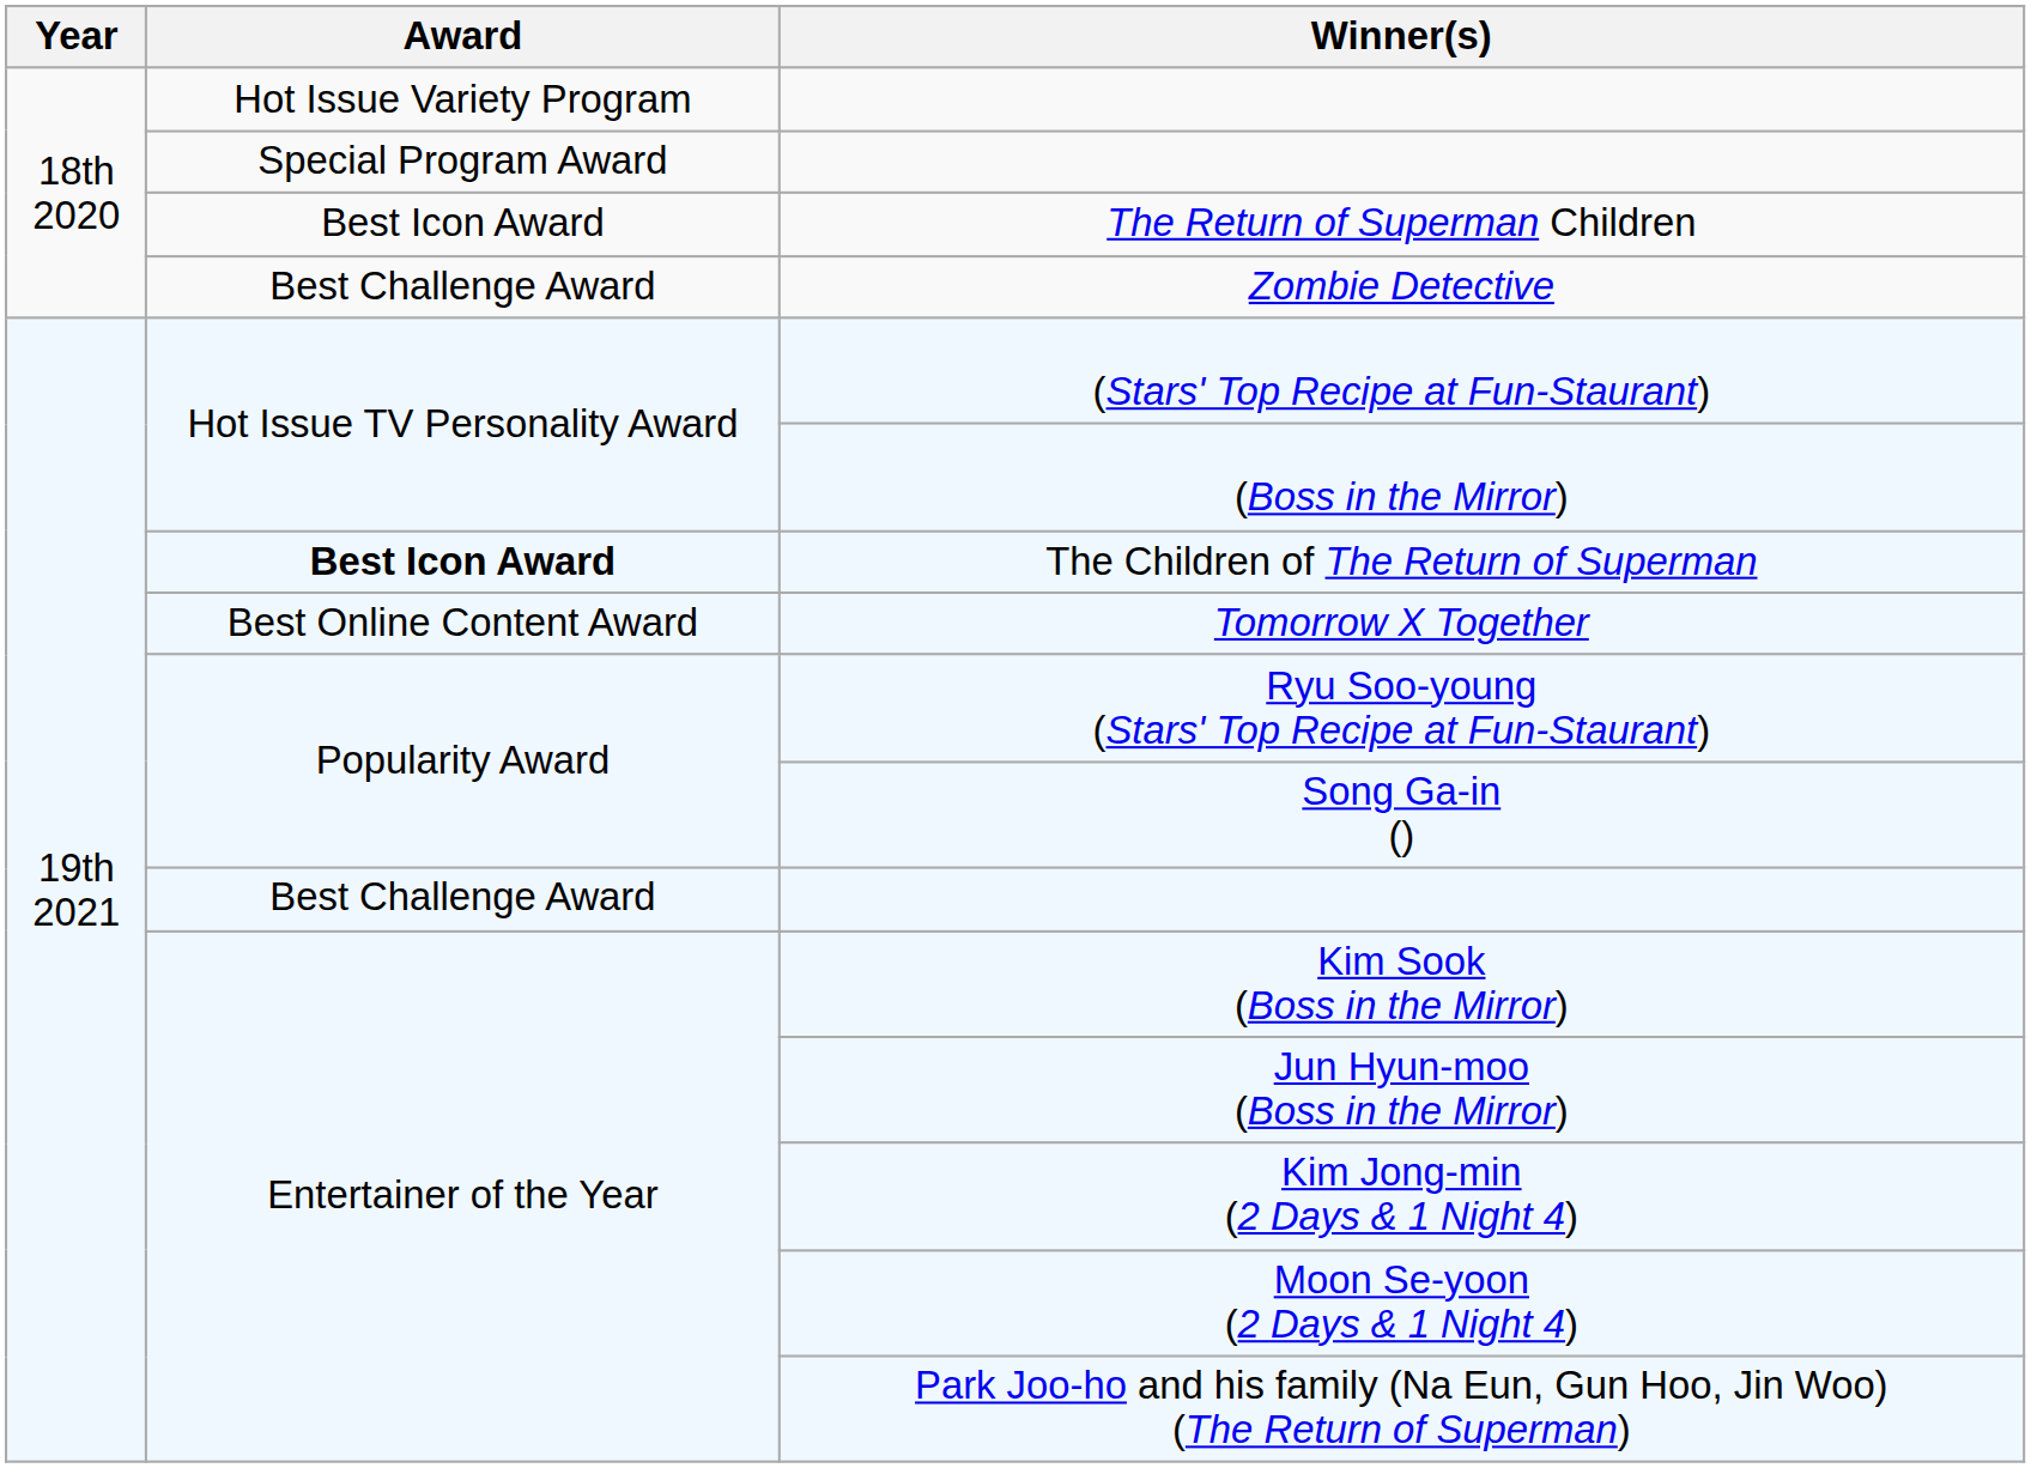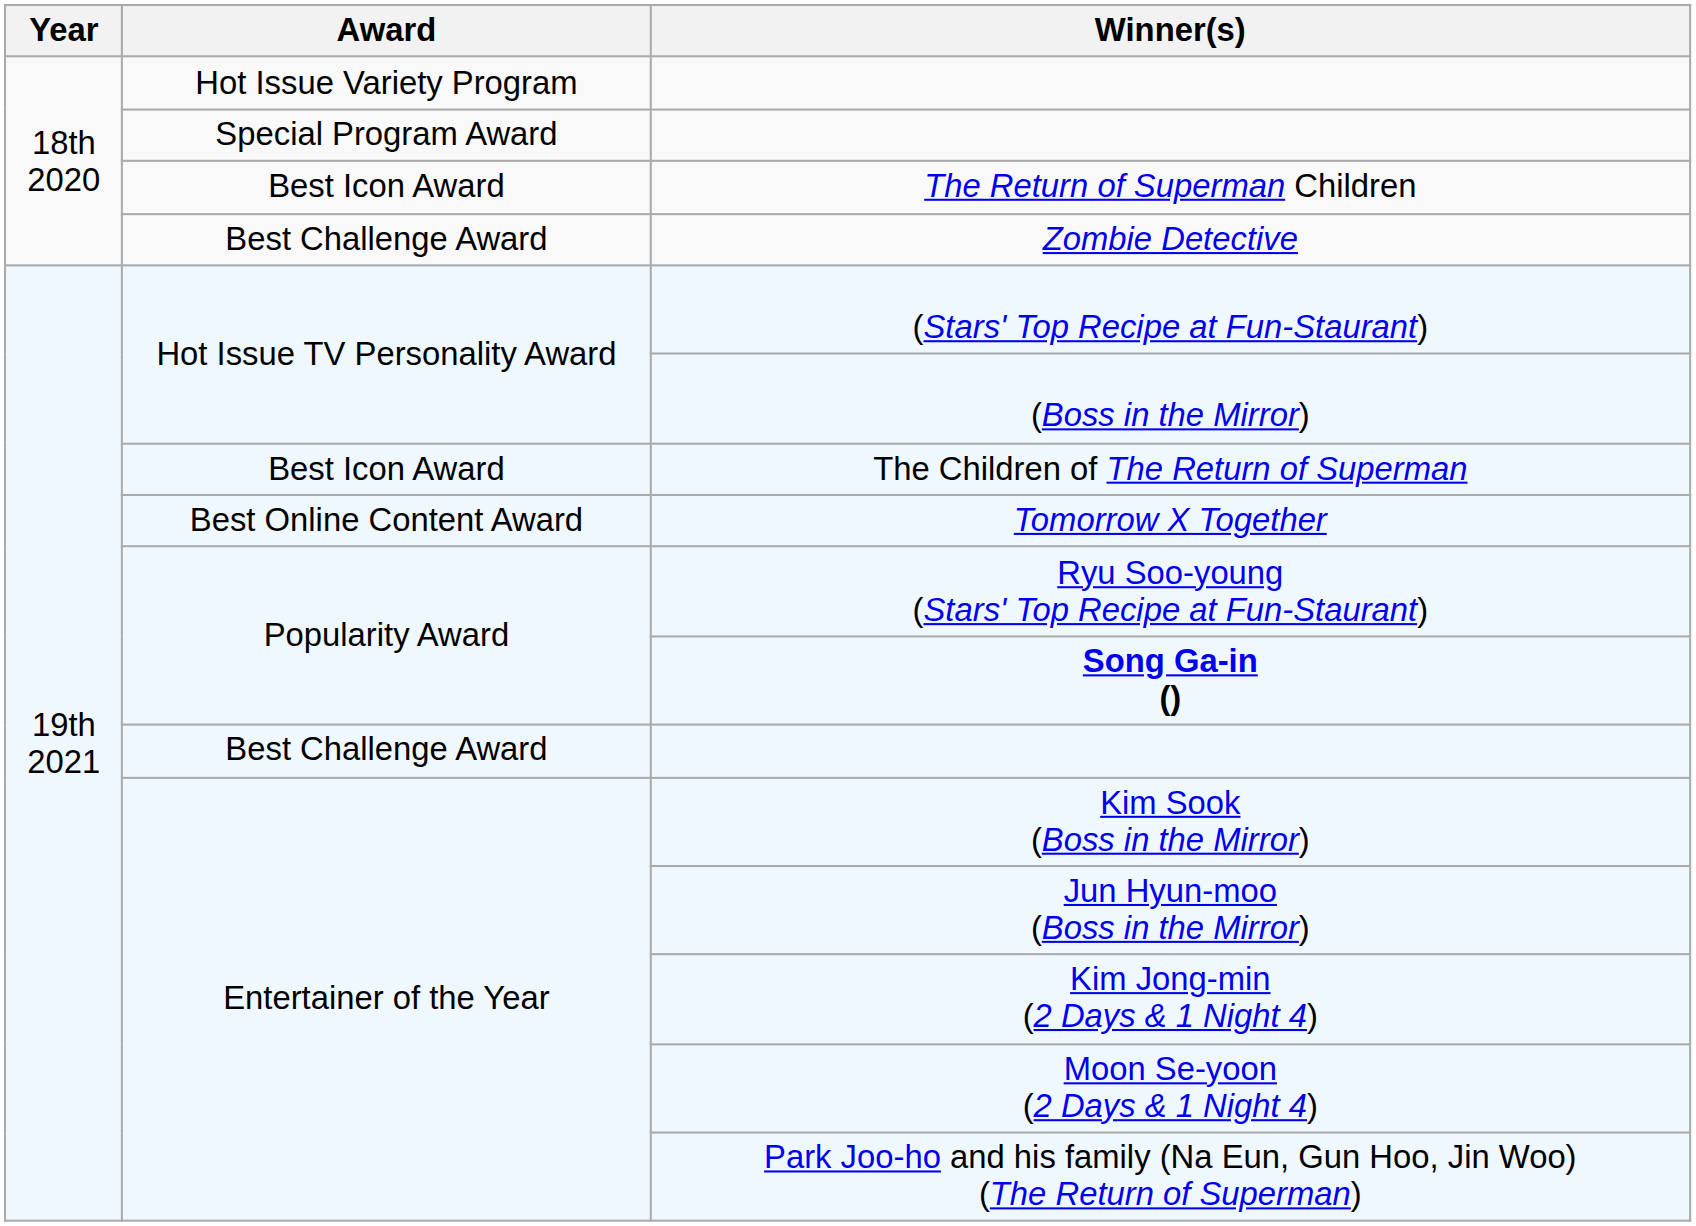 <table class="wikitable" style=text-align:center>
 <tr>
 <th style="width:50px">Year</th>
 <th style="width:250px">Award</th>
 <th style="width:500px">Winner(s)</th>
 </tr>
 <tr>
 <td rowspan=4>18th<br>2020</td>
 <td>Hot Issue Variety Program</td>
 <td><em></em></td>
 </tr>
 <tr>
 <td>Special Program Award</td>
 <td><em></em></td>
 </tr>
 <tr>
 <td>Best Icon Award</td>
 <td><em><a href='#'>The Return of Superman</a></em> Children</td>
 </tr>
 <tr>
 <td>Best Challenge Award</td>
 <td><em><a href='#'>Zombie Detective</a></em></td>
 </tr>
 <tr style="background:#F0F8FF">
 <td rowspan=13>19th<br>2021</td>
 <td rowspan=2>Hot Issue TV Personality Award</td>
 <td><br>(<em><a href='#'>Stars' Top Recipe at Fun-Staurant</a></em>)</td>
 </tr>
 <tr style="background:#F0F8FF">
 <td><br>(<em><a href='#'>Boss in the Mirror</a></em>)</td>
 </tr>
 <tr style="background:#F0F8FF">
-<td><strong>Best Icon Award</strong></td>
+<td>Best Icon Award</td>
 <td>The Children of <em><a href='#'>The Return of Superman</a></em></td>
 </tr>
 <tr style="background:#F0F8FF">
 <td>Best Online Content Award</td>
 <td><em><a href='#'>Tomorrow X Together</a></em></td>
 </tr>
 <tr style="background:#F0F8FF">
 <td rowspan=2>Popularity Award</td>
 <td><a href='#'>Ryu Soo-young</a><br>(<em><a href='#'>Stars' Top Recipe at Fun-Staurant</a></em>)</td>
 </tr>
 <tr style="background:#F0F8FF">
-<td><a href='#'>Song Ga-in</a><br>(<em></em>)</td>
+<td><strong><a href='#'>Song Ga-in</a><br>(<em></em>)</strong></td>
 </tr>
 <tr style="background:#F0F8FF">
 <td>Best Challenge Award</td>
 <td><em></em></td>
 </tr>
 <tr style="background:#F0F8FF">
 <td rowspan=5>Entertainer of the Year</td>
 <td><a href='#'>Kim Sook</a><br>(<em><a href='#'>Boss in the Mirror</a></em>)</td>
 </tr>
 <tr style="background:#F0F8FF">
 <td><a href='#'>Jun Hyun-moo</a><br>(<em><a href='#'>Boss in the Mirror</a></em>)</td>
 </tr>
 <tr style="background:#F0F8FF">
 <td><a href='#'>Kim Jong-min</a><br>(<em><a href='#'>2 Days & 1 Night 4</a></em>)</td>
 </tr>
 <tr style="background:#F0F8FF">
 <td><a href='#'>Moon Se-yoon</a><br>(<em><a href='#'>2 Days & 1 Night 4</a></em>)</td>
 </tr>
 <tr style="background:#F0F8FF">
 <td><a href='#'>Park Joo-ho</a> and his family (Na Eun, Gun Hoo, Jin Woo)<br>(<em><a href='#'>The Return of Superman</a></em>)</td>
 </tr>
 </table>
